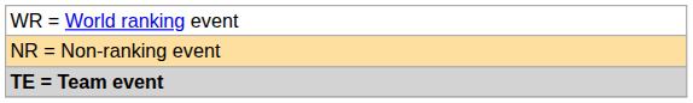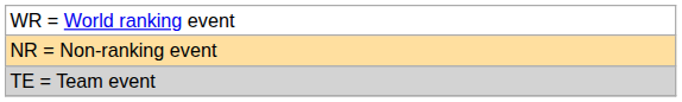 <table class="wikitable" style="font-size:85%;" width=30%>
 <tr bgcolor="#ffffff">
 <td>WR = <a href='#'>World ranking</a> event</td>
 </tr>
 <tr style="background:#ffdf9f;">
 <td>NR = Non-ranking event</td>
 </tr>
 <tr style="background:lightgray;">
-<td><strong>TE = Team event</strong></td>
+<td>TE = Team event</td>
 </tr>
 <tr>
 </tr>
 </table>
